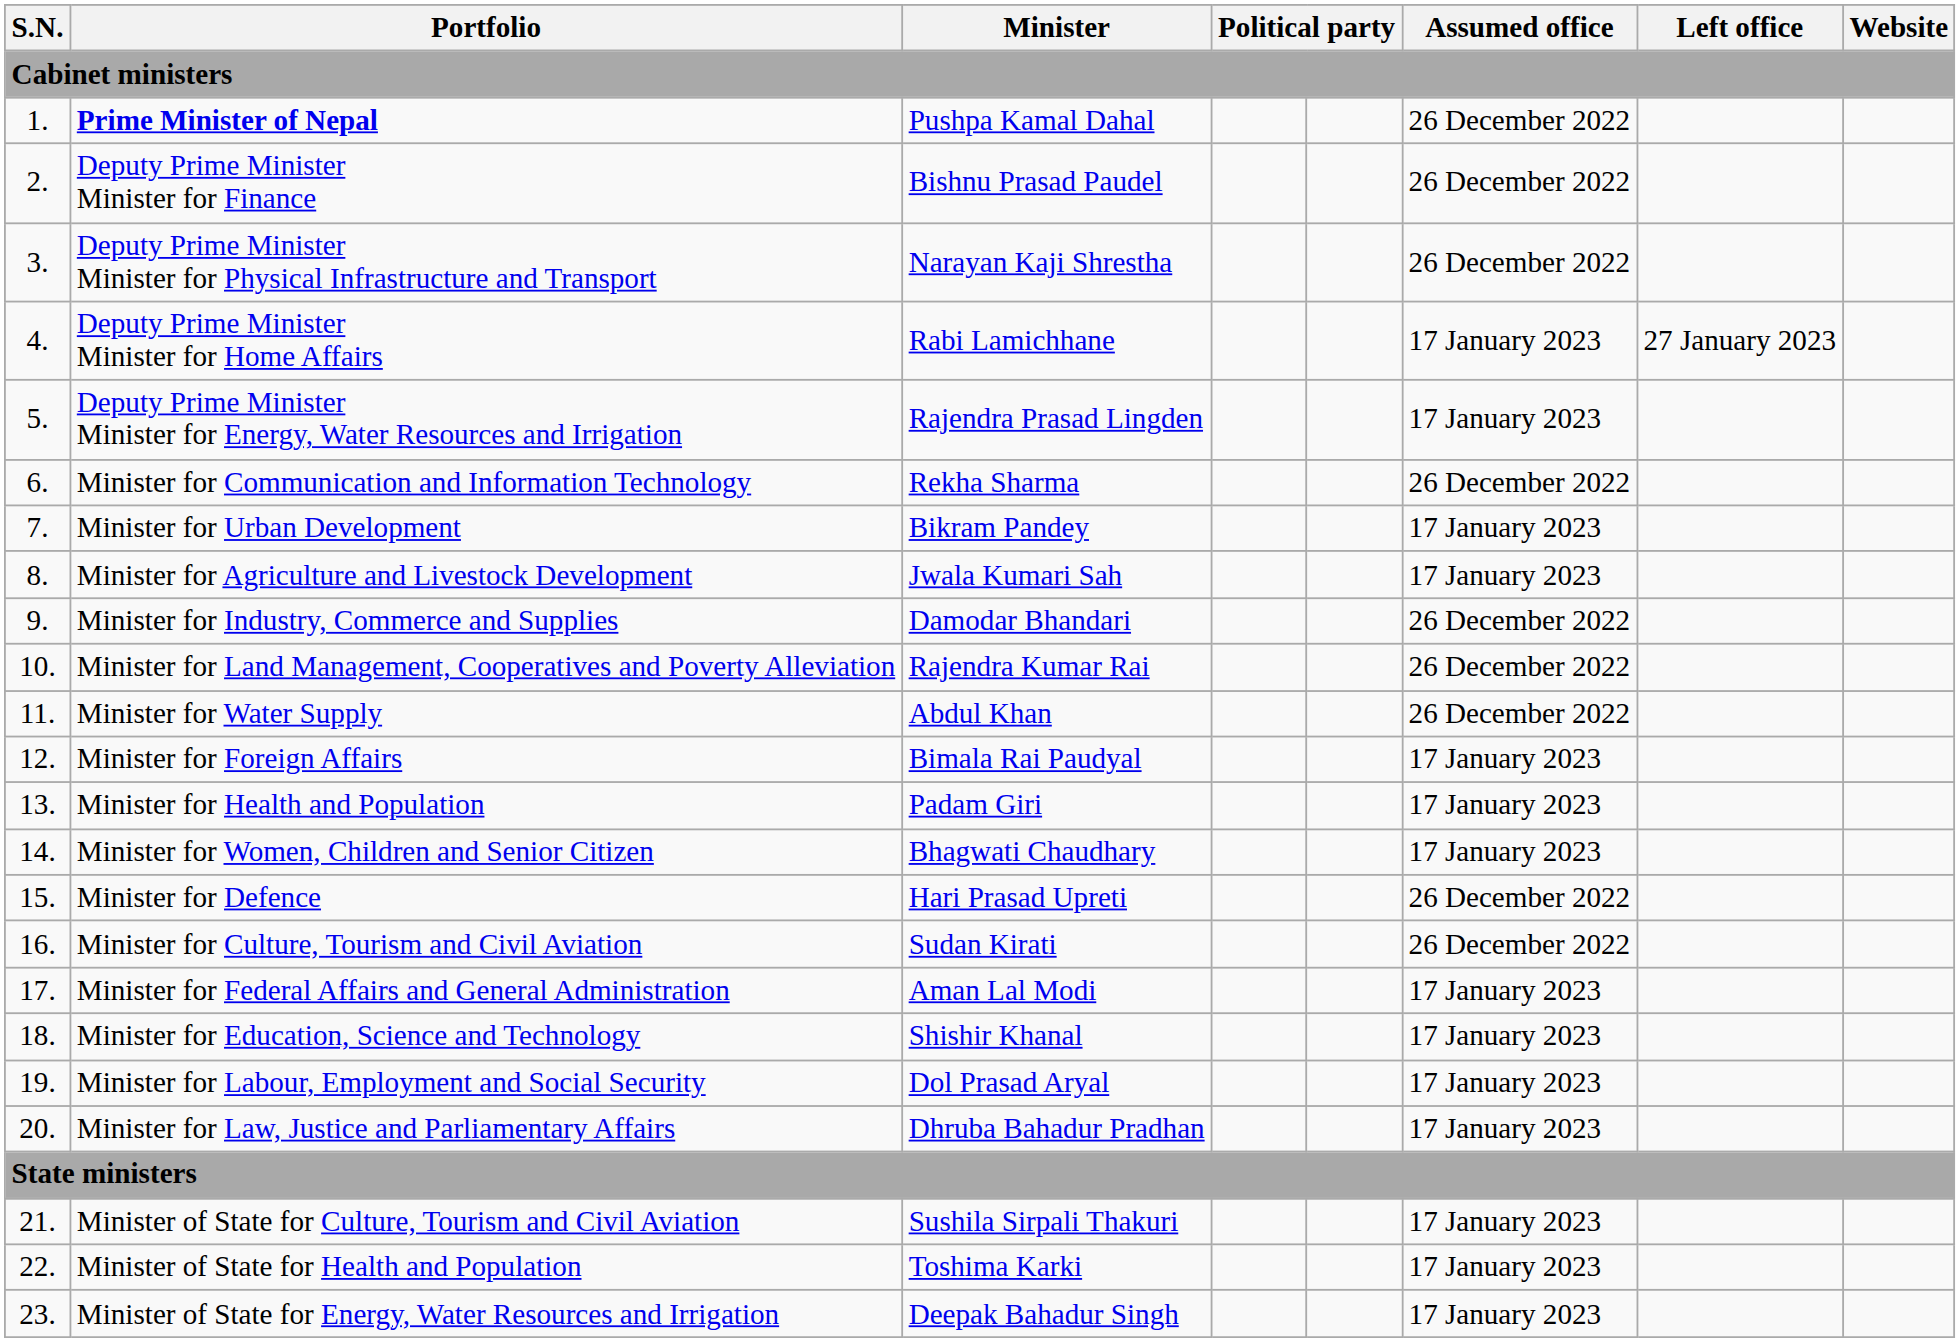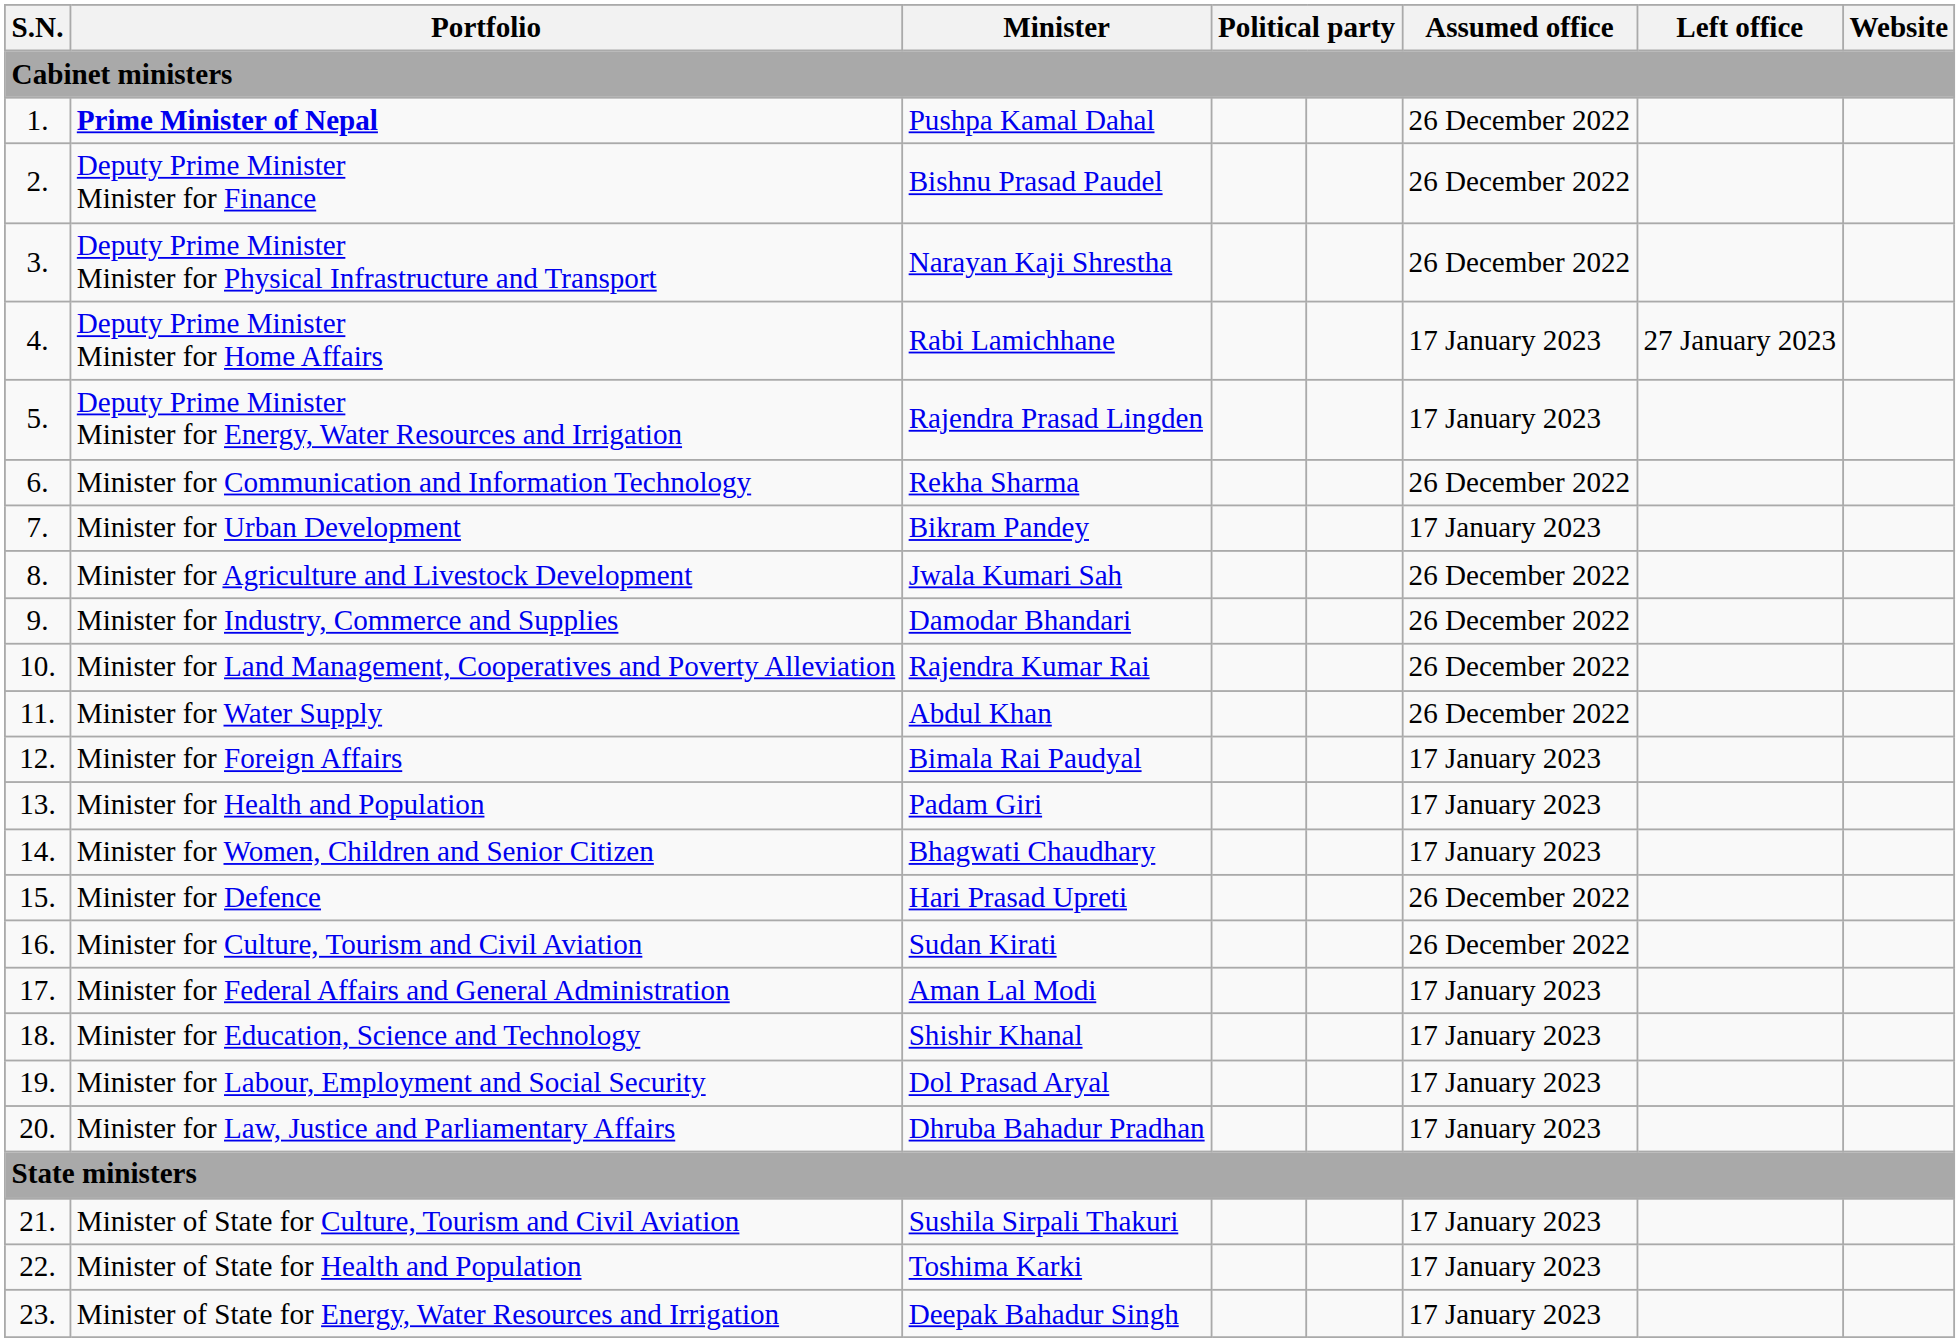 <table class="wikitable mw-collapsible mw-collapsed">
 <tr>
 <th>S.N.</th>
 <th>Portfolio</th>
 <th>Minister</th>
 <th colspan="2">Political party</th>
 <th>Assumed office</th>
 <th>Left office</th>
 <th>Website</th>
 </tr>
 <tr>
 <td colspan="8" bgcolor="darkgrey"><strong>Cabinet ministers</strong></td>
 </tr>
 <tr>
 <td style="text-align:center;">1.</td>
 <td><strong><a href='#'>Prime Minister of Nepal</a></strong><br></td>
 <td><a href='#'>Pushpa Kamal Dahal</a></td>
 <td></td>
 <td></td>
 <td>26 December 2022</td>
 <td></td>
 <td></td>
 </tr>
 <tr>
 <td style="text-align:center;">2.</td>
 <td><a href='#'>Deputy Prime Minister</a><br>Minister for <a href='#'>Finance</a></td>
 <td><a href='#'>Bishnu Prasad Paudel</a></td>
 <td></td>
 <td></td>
 <td>26 December 2022</td>
 <td></td>
 <td></td>
 </tr>
 <tr>
 <td style="text-align:center;">3.</td>
 <td><a href='#'>Deputy Prime Minister</a><br>Minister for <a href='#'>Physical Infrastructure and Transport</a></td>
 <td><a href='#'>Narayan Kaji Shrestha</a></td>
 <td></td>
 <td></td>
 <td>26 December 2022</td>
 <td></td>
 <td></td>
 </tr>
 <tr>
 <td style="text-align:center;">4.</td>
 <td><a href='#'>Deputy Prime Minister</a><br>Minister for <a href='#'>Home Affairs</a></td>
 <td><a href='#'>Rabi Lamichhane</a></td>
 <td></td>
 <td></td>
 <td>17 January 2023</td>
 <td>27 January 2023</td>
 <td></td>
 </tr>
 <tr>
 <td style="text-align:center;">5.</td>
 <td><a href='#'>Deputy Prime Minister</a><br>Minister for <a href='#'>Energy, Water Resources and Irrigation</a></td>
 <td><a href='#'>Rajendra Prasad Lingden</a></td>
 <td></td>
 <td></td>
 <td>17 January 2023</td>
 <td></td>
 <td> </td>
 </tr>
 <tr>
 <td style="text-align:center;">6.</td>
 <td>Minister for <a href='#'>Communication and Information Technology</a></td>
 <td><a href='#'>Rekha Sharma</a></td>
 <td></td>
 <td></td>
 <td>26 December 2022</td>
 <td></td>
 <td></td>
 </tr>
 <tr>
 <td style="text-align:center;">7.</td>
 <td>Minister for <a href='#'>Urban Development</a></td>
 <td><a href='#'>Bikram Pandey</a></td>
 <td></td>
 <td></td>
 <td>17 January 2023</td>
 <td></td>
 <td></td>
 </tr>
 <tr>
 <td style="text-align:center;">8.</td>
 <td>Minister for <a href='#'>Agriculture and Livestock Development</a></td>
 <td><a href='#'>Jwala Kumari Sah</a></td>
 <td></td>
 <td></td>
-<td>17 January 2023</td>
+<td>26 December 2022</td>
 <td></td>
 <td></td>
 </tr>
 <tr>
 <td style="text-align:center;">9.</td>
 <td>Minister for <a href='#'>Industry, Commerce and Supplies</a></td>
 <td><a href='#'>Damodar Bhandari</a></td>
 <td></td>
 <td></td>
 <td>26 December 2022</td>
 <td></td>
 <td></td>
 </tr>
 <tr>
 <td style="text-align:center;">10.</td>
 <td>Minister for <a href='#'>Land Management, Cooperatives and Poverty Alleviation</a></td>
 <td><a href='#'>Rajendra Kumar Rai</a></td>
 <td></td>
 <td></td>
 <td>26 December 2022</td>
 <td></td>
 <td></td>
 </tr>
 <tr>
 <td style="text-align:center;">11.</td>
 <td>Minister for <a href='#'>Water Supply</a></td>
 <td><a href='#'>Abdul Khan</a></td>
 <td></td>
 <td></td>
 <td>26 December 2022</td>
 <td></td>
 <td> </td>
 </tr>
 <tr>
 <td style="text-align:center;">12.</td>
 <td>Minister for <a href='#'>Foreign Affairs</a></td>
 <td><a href='#'>Bimala Rai Paudyal</a></td>
 <td></td>
 <td></td>
 <td>17 January 2023</td>
 <td></td>
 <td></td>
 </tr>
 <tr>
 <td style="text-align:center;">13.</td>
 <td>Minister for <a href='#'>Health and Population</a></td>
 <td><a href='#'>Padam Giri</a></td>
 <td></td>
 <td></td>
 <td>17 January 2023</td>
 <td></td>
 <td> </td>
 </tr>
 <tr>
 <td style="text-align:center;">14.</td>
 <td>Minister for <a href='#'>Women, Children and Senior Citizen</a></td>
 <td><a href='#'>Bhagwati Chaudhary</a></td>
 <td></td>
 <td></td>
 <td>17 January 2023</td>
 <td></td>
 <td></td>
 </tr>
 <tr>
 <td style="text-align:center;">15.</td>
 <td>Minister for <a href='#'>Defence</a></td>
 <td><a href='#'>Hari Prasad Upreti</a></td>
 <td></td>
 <td></td>
 <td>26 December 2022</td>
 <td></td>
 <td></td>
 </tr>
 <tr>
 <td style="text-align:center;">16.</td>
 <td>Minister for <a href='#'>Culture, Tourism and Civil Aviation</a></td>
 <td><a href='#'>Sudan Kirati</a></td>
 <td></td>
 <td></td>
 <td>26 December 2022</td>
 <td></td>
 <td></td>
 </tr>
 <tr>
 <td style="text-align:center;">17.</td>
 <td>Minister for <a href='#'>Federal Affairs and General Administration</a></td>
 <td><a href='#'>Aman Lal Modi</a></td>
 <td></td>
 <td></td>
 <td>17 January 2023</td>
 <td></td>
 <td></td>
 </tr>
 <tr>
 <td style="text-align:center;">18.</td>
 <td>Minister for <a href='#'>Education, Science and Technology</a></td>
 <td><a href='#'>Shishir Khanal</a></td>
 <td></td>
 <td></td>
 <td>17 January 2023</td>
 <td></td>
 <td> </td>
 </tr>
 <tr>
 <td style="text-align:center;">19.</td>
 <td>Minister for <a href='#'>Labour, Employment and Social Security</a></td>
 <td><a href='#'>Dol Prasad Aryal</a></td>
 <td></td>
 <td></td>
 <td>17 January 2023</td>
 <td></td>
 <td></td>
 </tr>
 <tr>
 <td style="text-align:center;">20.</td>
 <td>Minister for <a href='#'>Law, Justice and Parliamentary Affairs</a></td>
 <td><a href='#'>Dhruba Bahadur Pradhan</a></td>
 <td></td>
 <td></td>
 <td>17 January 2023</td>
 <td></td>
 <td></td>
 </tr>
 <tr>
 <td colspan="8" bgcolor="darkgrey"><strong>State ministers</strong></td>
 </tr>
 <tr>
 <td style="text-align:center;">21.</td>
 <td>Minister of State for <a href='#'>Culture, Tourism and Civil Aviation</a></td>
 <td><a href='#'>Sushila Sirpali Thakuri</a></td>
 <td></td>
 <td></td>
 <td>17 January 2023</td>
 <td></td>
 <td></td>
 </tr>
 <tr>
 <td style="text-align:center;">22.</td>
 <td>Minister of State for <a href='#'>Health and Population</a></td>
 <td><a href='#'>Toshima Karki</a></td>
 <td></td>
 <td></td>
 <td>17 January 2023</td>
 <td></td>
 <td> </td>
 </tr>
 <tr>
 <td style="text-align:center;">23.</td>
 <td>Minister of State for <a href='#'>Energy, Water Resources and Irrigation</a></td>
 <td><a href='#'>Deepak Bahadur Singh</a></td>
 <td></td>
 <td></td>
 <td>17 January 2023</td>
 <td></td>
 <td> </td>
 </tr>
 </table>
